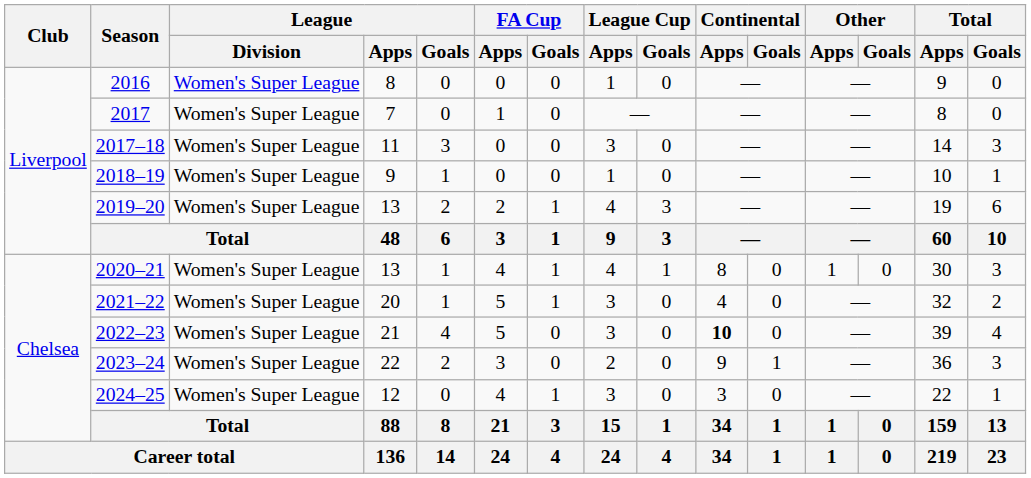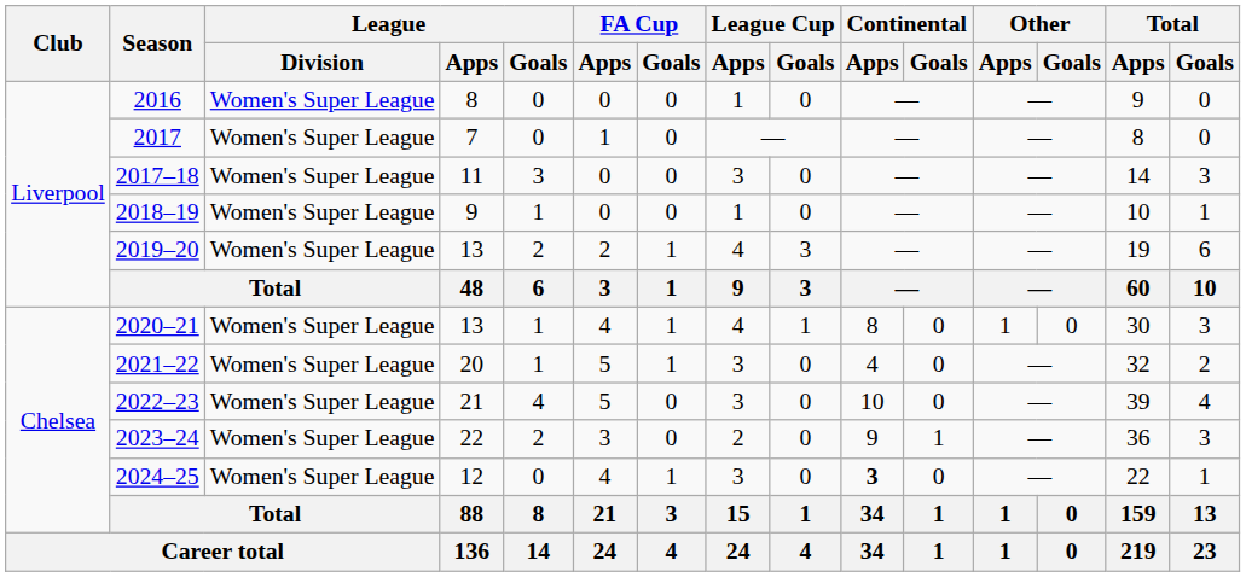 <table class="wikitable" style="text-align:center">
 <tr>
 <th rowspan="2">Club</th>
 <th rowspan="2">Season</th>
 <th colspan="3">League</th>
 <th colspan="2"><a href='#'>FA Cup</a></th>
 <th colspan="2">League Cup</th>
 <th colspan="2">Continental</th>
 <th colspan="2">Other</th>
 <th colspan="2">Total</th>
 </tr>
 <tr>
 <th>Division</th>
 <th>Apps</th>
 <th>Goals</th>
 <th>Apps</th>
 <th>Goals</th>
 <th>Apps</th>
 <th>Goals</th>
 <th>Apps</th>
 <th>Goals</th>
 <th>Apps</th>
 <th>Goals</th>
 <th>Apps</th>
 <th>Goals</th>
 </tr>
 <tr>
 <td rowspan="6"><a href='#'>Liverpool</a></td>
 <td><a href='#'>2016</a></td>
 <td><a href='#'>Women's Super League</a></td>
 <td>8</td>
 <td>0</td>
 <td>0</td>
 <td>0</td>
 <td>1</td>
 <td>0</td>
 <td colspan=2>—</td>
 <td colspan="2">—</td>
 <td>9</td>
 <td>0</td>
 </tr>
 <tr>
 <td><a href='#'>2017</a></td>
 <td>Women's Super League</td>
 <td>7</td>
 <td>0</td>
 <td>1</td>
 <td>0</td>
 <td colspan=2>—</td>
 <td colspan=2>—</td>
 <td colspan="2">—</td>
 <td>8</td>
 <td>0</td>
 </tr>
 <tr>
 <td><a href='#'>2017–18</a></td>
 <td>Women's Super League</td>
 <td>11</td>
 <td>3</td>
 <td>0</td>
 <td>0</td>
 <td>3</td>
 <td>0</td>
 <td colspan="2">—</td>
 <td colspan="2">—</td>
 <td>14</td>
 <td>3</td>
 </tr>
 <tr>
 <td><a href='#'>2018–19</a></td>
 <td>Women's Super League</td>
 <td>9</td>
 <td>1</td>
 <td>0</td>
 <td>0</td>
 <td>1</td>
 <td>0</td>
 <td colspan="2">—</td>
 <td colspan="2">—</td>
 <td>10</td>
 <td>1</td>
 </tr>
 <tr>
 <td><a href='#'>2019–20</a></td>
 <td>Women's Super League</td>
 <td>13</td>
 <td>2</td>
 <td>2</td>
 <td>1</td>
 <td>4</td>
 <td>3</td>
 <td colspan="2">—</td>
 <td colspan="2">—</td>
 <td>19</td>
 <td>6</td>
 </tr>
 <tr>
 <th colspan="2">Total</th>
 <th>48</th>
 <th>6</th>
 <th>3</th>
 <th>1</th>
 <th>9</th>
 <th>3</th>
 <th colspan="2">—</th>
 <th colspan="2">—</th>
 <th>60</th>
 <th>10</th>
 </tr>
 <tr>
 <td rowspan="6"><a href='#'>Chelsea</a></td>
 <td><a href='#'>2020–21</a></td>
 <td>Women's Super League</td>
 <td>13</td>
 <td>1</td>
 <td>4</td>
 <td>1</td>
 <td>4</td>
 <td>1</td>
 <td>8</td>
 <td>0</td>
 <td>1</td>
 <td>0</td>
 <td>30</td>
 <td>3</td>
 </tr>
 <tr>
 <td><a href='#'>2021–22</a></td>
 <td>Women's Super League</td>
 <td>20</td>
 <td>1</td>
 <td>5</td>
 <td>1</td>
 <td>3</td>
 <td>0</td>
 <td>4</td>
 <td>0</td>
 <td colspan="2">—</td>
 <td>32</td>
 <td>2</td>
 </tr>
 <tr>
 <td><a href='#'>2022–23</a></td>
 <td>Women's Super League</td>
 <td>21</td>
 <td>4</td>
 <td>5</td>
 <td>0</td>
 <td>3</td>
 <td>0</td>
-<td><strong>10</strong></td>
+<td>10</td>
 <td>0</td>
 <td colspan="2">—</td>
 <td>39</td>
 <td>4</td>
 </tr>
 <tr>
 <td><a href='#'>2023–24</a></td>
 <td>Women's Super League</td>
 <td>22</td>
 <td>2</td>
 <td>3</td>
 <td>0</td>
 <td>2</td>
 <td>0</td>
 <td>9</td>
 <td>1</td>
 <td colspan="2">—</td>
 <td>36</td>
 <td>3</td>
 </tr>
 <tr>
 <td><a href='#'>2024–25</a></td>
 <td>Women's Super League</td>
 <td>12</td>
 <td>0</td>
 <td>4</td>
 <td>1</td>
 <td>3</td>
 <td>0</td>
-<td>3</td>
+<td><strong>3</strong></td>
 <td>0</td>
 <td colspan="2">—</td>
 <td>22</td>
 <td>1</td>
 </tr>
 <tr>
 <th colspan="2">Total</th>
 <th>88</th>
 <th>8</th>
 <th>21</th>
 <th>3</th>
 <th>15</th>
 <th>1</th>
 <th>34</th>
 <th>1</th>
 <th>1</th>
 <th>0</th>
 <th>159</th>
 <th>13</th>
 </tr>
 <tr>
 <th colspan="3">Career total</th>
 <th>136</th>
 <th>14</th>
 <th>24</th>
 <th>4</th>
 <th>24</th>
 <th>4</th>
 <th>34</th>
 <th>1</th>
 <th>1</th>
 <th>0</th>
 <th>219</th>
 <th>23</th>
 </tr>
 </table>
